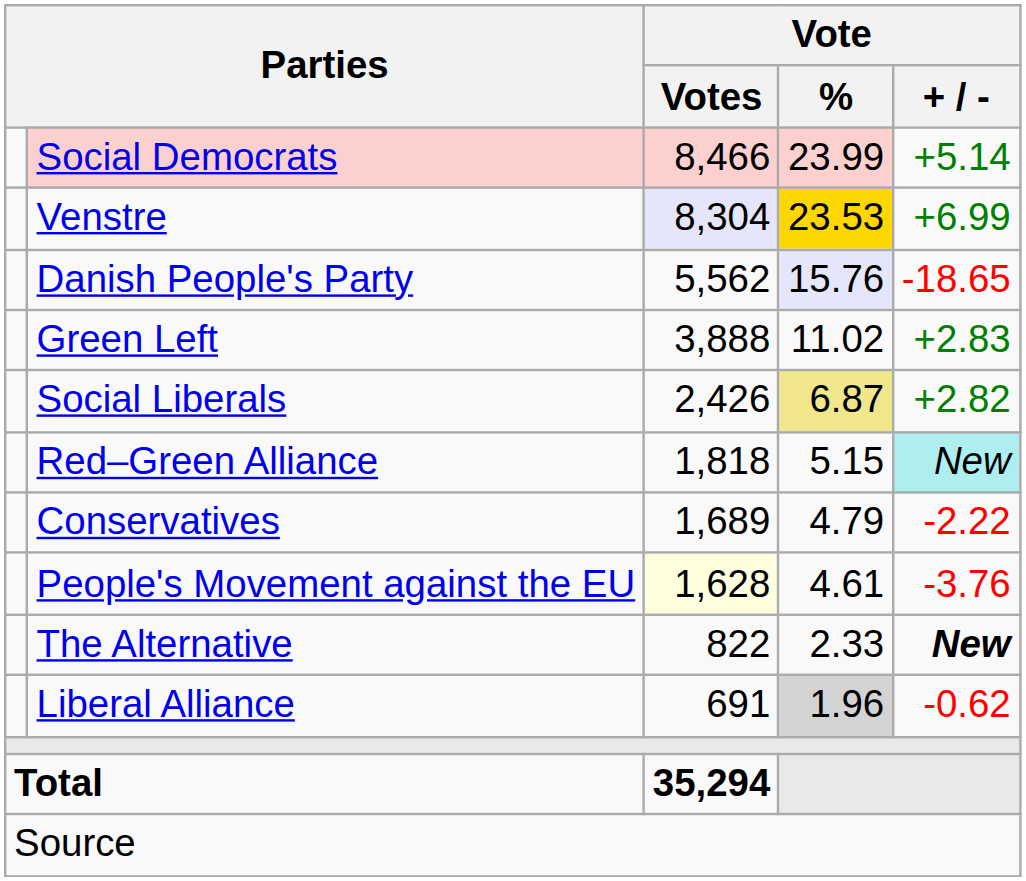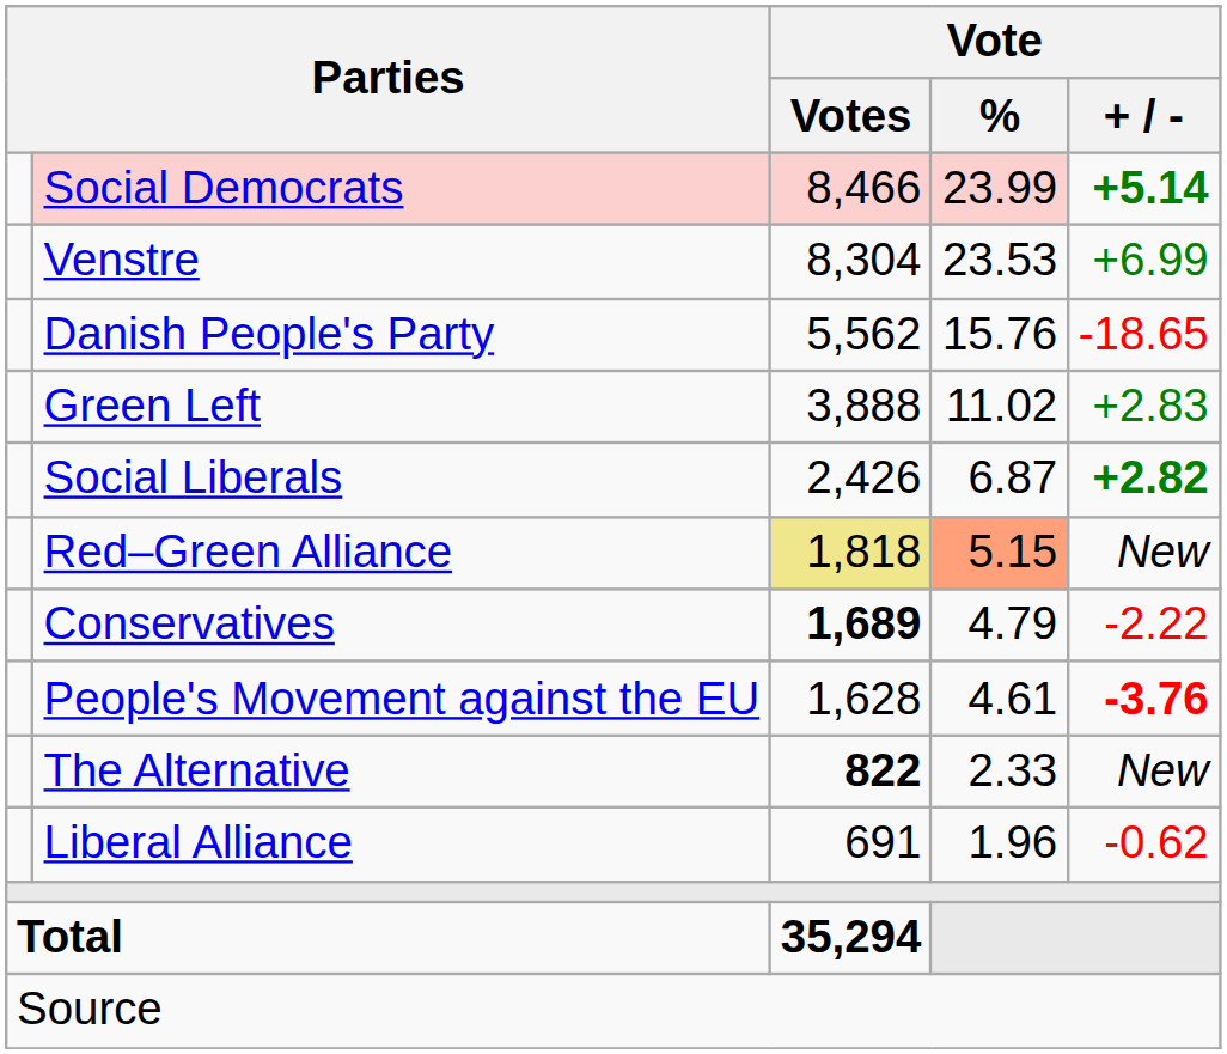 <table class="wikitable" style="text-align:right;">
 <tr>
 <th style="text-align:centre;" rowspan="2" colspan="2" width="225">Parties</th>
 <th colspan="3">Vote</th>
 </tr>
 <tr>
 <th width="15">Votes</th>
 <th width="15">%</th>
 <th width="15">+ / -</th>
 </tr>
 <tr>
 <td width="2" style="color:inherit;background:"></td>
 <td bgcolor=#fbd0ce   align="left"><a href='#'>Social Democrats</a></td>
 <td bgcolor=#fbd0ce>8,466</td>
 <td bgcolor=#fbd0ce>23.99</td>
-<td style=color:green;>+5.14</td>
+<td style=color:green;><strong>+5.14</strong></td>
 </tr>
 <tr>
 <td width="2" style="color:inherit;background:"></td>
 <td align="left"><a href='#'>Venstre</a></td>
-<td style="background: lavender;">8,304</td>
-<td style="background: gold;">23.53</td>
+<td>8,304</td>
+<td>23.53</td>
 <td style=color:green;>+6.99</td>
 </tr>
 <tr>
 <td width="2" style="color:inherit;background:"></td>
 <td align="left"><a href='#'>Danish People's Party</a></td>
 <td>5,562</td>
-<td style="background: lavender;">15.76</td>
+<td>15.76</td>
 <td style=color:red;>-18.65</td>
 </tr>
 <tr>
 <td width="2" style="color:inherit;background:"></td>
 <td align="left"><a href='#'>Green Left</a></td>
 <td>3,888</td>
 <td>11.02</td>
 <td style=color:green;>+2.83</td>
 </tr>
 <tr>
 <td width="2" style="color:inherit;background:"></td>
 <td align="left"><a href='#'>Social Liberals</a></td>
 <td>2,426</td>
-<td style="background: khaki;">6.87</td>
-<td style=color:green;>+2.82</td>
+<td>6.87</td>
+<td style=color:green;><strong>+2.82</strong></td>
 </tr>
 <tr>
 <td width="2" style="color:inherit;background:"></td>
 <td align="left"><a href='#'>Red–Green Alliance</a></td>
-<td>1,818</td>
-<td>5.15</td>
-<td style="background: paleturquoise;"><em>New</em></td>
+<td style="background: khaki;">1,818</td>
+<td style="background: lightsalmon;">5.15</td>
+<td><em>New</em></td>
 </tr>
 <tr>
 <td width="2" style="color:inherit;background:"></td>
 <td align="left"><a href='#'>Conservatives</a></td>
-<td>1,689</td>
+<td><strong>1,689</strong></td>
 <td>4.79</td>
 <td style=color:red;>-2.22</td>
 </tr>
 <tr>
 <td width="2" style="color:inherit;background:"></td>
 <td align="left"><a href='#'>People's Movement against the EU</a></td>
-<td style="background: lightyellow;">1,628</td>
+<td>1,628</td>
 <td>4.61</td>
-<td style=color:red;>-3.76</td>
+<td style=color:red;><strong>-3.76</strong></td>
 </tr>
 <tr>
 <td width="2" style="color:inherit;background:"></td>
 <td align="left"><a href='#'>The Alternative</a></td>
-<td>822</td>
+<td><strong>822</strong></td>
 <td>2.33</td>
-<td><strong><em>New</em></strong></td>
+<td><em>New</em></td>
 </tr>
 <tr>
 <td width="2" style="color:inherit;background:"></td>
 <td align="left"><a href='#'>Liberal Alliance</a></td>
 <td>691</td>
-<td style="background: lightgrey;">1.96</td>
+<td>1.96</td>
 <td style=color:red;>-0.62</td>
 </tr>
 <tr>
 <td colspan="7" bgcolor="#E9E9E9"></td>
 </tr>
 <tr>
 <td align="left" colspan="2"><strong>Total</strong></td>
 <td><strong>35,294</strong></td>
 <td bgcolor="#E9E9E9" colspan="2"></td>
 </tr>
 <tr>
 <td align="left" colspan="6">Source</td>
 </tr>
 </table>
